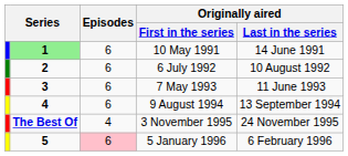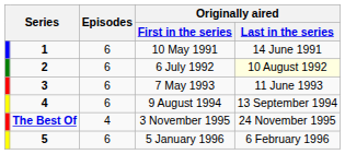 <table class="wikitable">
 <tr>
 <th colspan="2" rowspan="2">Series</th>
 <th rowspan="2">Episodes</th>
 <th colspan="2">Originally aired</th>
 </tr>
 <tr>
 <th><a href='#'>First in the series</a></th>
 <th><a href='#'>Last in the series</a></th>
 </tr>
 <tr>
 <td bgcolor=blue height="10px"></td>
-<td align="center" style="background: lightgreen;"><strong>1</strong></td>
+<td align="center"><strong>1</strong></td>
 <td align="center">6</td>
 <td align="center">10 May 1991</td>
 <td align="center">14 June 1991</td>
 </tr>
 <tr>
 <td bgcolor=green height="10px"></td>
 <td align="center"><strong>2</strong></td>
 <td align="center">6</td>
 <td align="center">6 July 1992</td>
-<td align="center">10 August 1992</td>
+<td align="center" style="background: lightyellow;">10 August 1992</td>
 </tr>
 <tr>
 <td bgcolor=red height="10px"></td>
 <td align="center"><strong>3</strong></td>
 <td align="center">6</td>
 <td align="center">7 May 1993</td>
 <td align="center"> 11 June 1993</td>
 </tr>
 <tr>
 <td bgcolor=yellow height="10px"></td>
 <td align="center"><strong>4</strong></td>
 <td align="center">6</td>
 <td align="center">9 August 1994</td>
 <td align="center">13 September 1994</td>
 </tr>
 <tr>
 <td bgcolor=red height="10px"></td>
 <td align="center"><strong><a href='#'>The Best Of</a></strong></td>
 <td align="center">4</td>
 <td align="center">3 November 1995</td>
 <td align="center">24 November 1995</td>
 </tr>
 <tr>
 <td bgcolor=yellow height="10px"></td>
 <td align="center"><strong>5</strong></td>
-<td align="center" style="background: pink;">6</td>
+<td align="center">6</td>
 <td align="center">5 January 1996</td>
 <td align="center">6 February 1996</td>
 </tr>
 </table>
